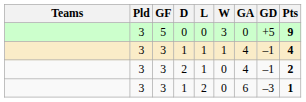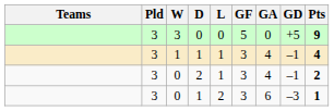 <table class="wikitable" style="text-align: center;">
 <tr>
 <th width=165>Teams</th>
 <th width=20>Pld</th>
-<th width=20>GF</th>
+<th width=20>W</th>
 <th width=20>D</th>
 <th width=20>L</th>
-<th width=20>W</th>
+<th width=20>GF</th>
 <th width=20>GA</th>
 <th width=20>GD</th>
 <th width=20>Pts</th>
 </tr>
 <tr align=center style="background:#ccffcc;">
 <td style="text-align:left;"></td>
 <td>3</td>
-<td>5</td>
+<td>3</td>
 <td>0</td>
 <td>0</td>
-<td>3</td>
+<td>5</td>
 <td>0</td>
 <td>+5</td>
 <td><strong>9</strong></td>
 </tr>
 <tr align=center style="background:#faecc8;">
 <td style="text-align:left;"></td>
 <td>3</td>
-<td>3</td>
 <td>1</td>
 <td>1</td>
 <td>1</td>
+<td>3</td>
 <td>4</td>
 <td>–1</td>
 <td><strong>4</strong></td>
 </tr>
 <tr align=center>
 <td style="text-align:left;"></td>
 <td>3</td>
-<td>3</td>
+<td>0</td>
 <td>2</td>
 <td>1</td>
-<td>0</td>
+<td>3</td>
 <td>4</td>
 <td>–1</td>
 <td><strong>2</strong></td>
 </tr>
 <tr align=center>
 <td style="text-align:left;"></td>
 <td>3</td>
-<td>3</td>
+<td>0</td>
 <td>1</td>
 <td>2</td>
-<td>0</td>
+<td>3</td>
 <td>6</td>
 <td>–3</td>
 <td><strong>1</strong></td>
 </tr>
 </table>
